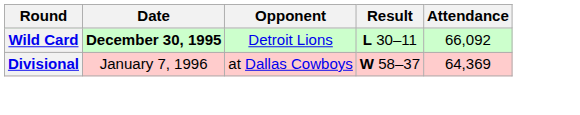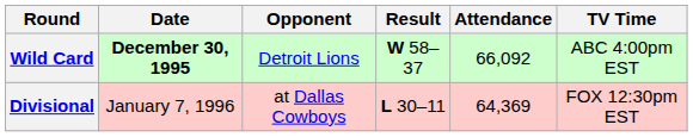 <table class="wikitable" style="text-align:center">
 <tr>
 <th>Round</th>
 <th>Date</th>
 <th>Opponent</th>
 <th>Result</th>
 <th>Attendance</th>
+<th>TV Time</th>
 </tr>
 <tr style="background: #cfc">
 <th><a href='#'>Wild Card</a></th>
 <td><strong>December 30, 1995</strong></td>
 <td><a href='#'>Detroit Lions</a></td>
-<td><strong>L</strong> 30–11</td>
+<td><strong>W</strong> 58–37</td>
 <td>66,092</td>
+<td>ABC 4:00pm EST</td>
 </tr>
 <tr style="background: #fcc">
 <th><a href='#'>Divisional</a></th>
 <td>January 7, 1996</td>
 <td>at <a href='#'>Dallas Cowboys</a></td>
-<td><strong>W</strong> 58–37</td>
+<td><strong>L</strong> 30–11</td>
 <td>64,369</td>
+<td>FOX 12:30pm EST</td>
 </tr>
 </table>
